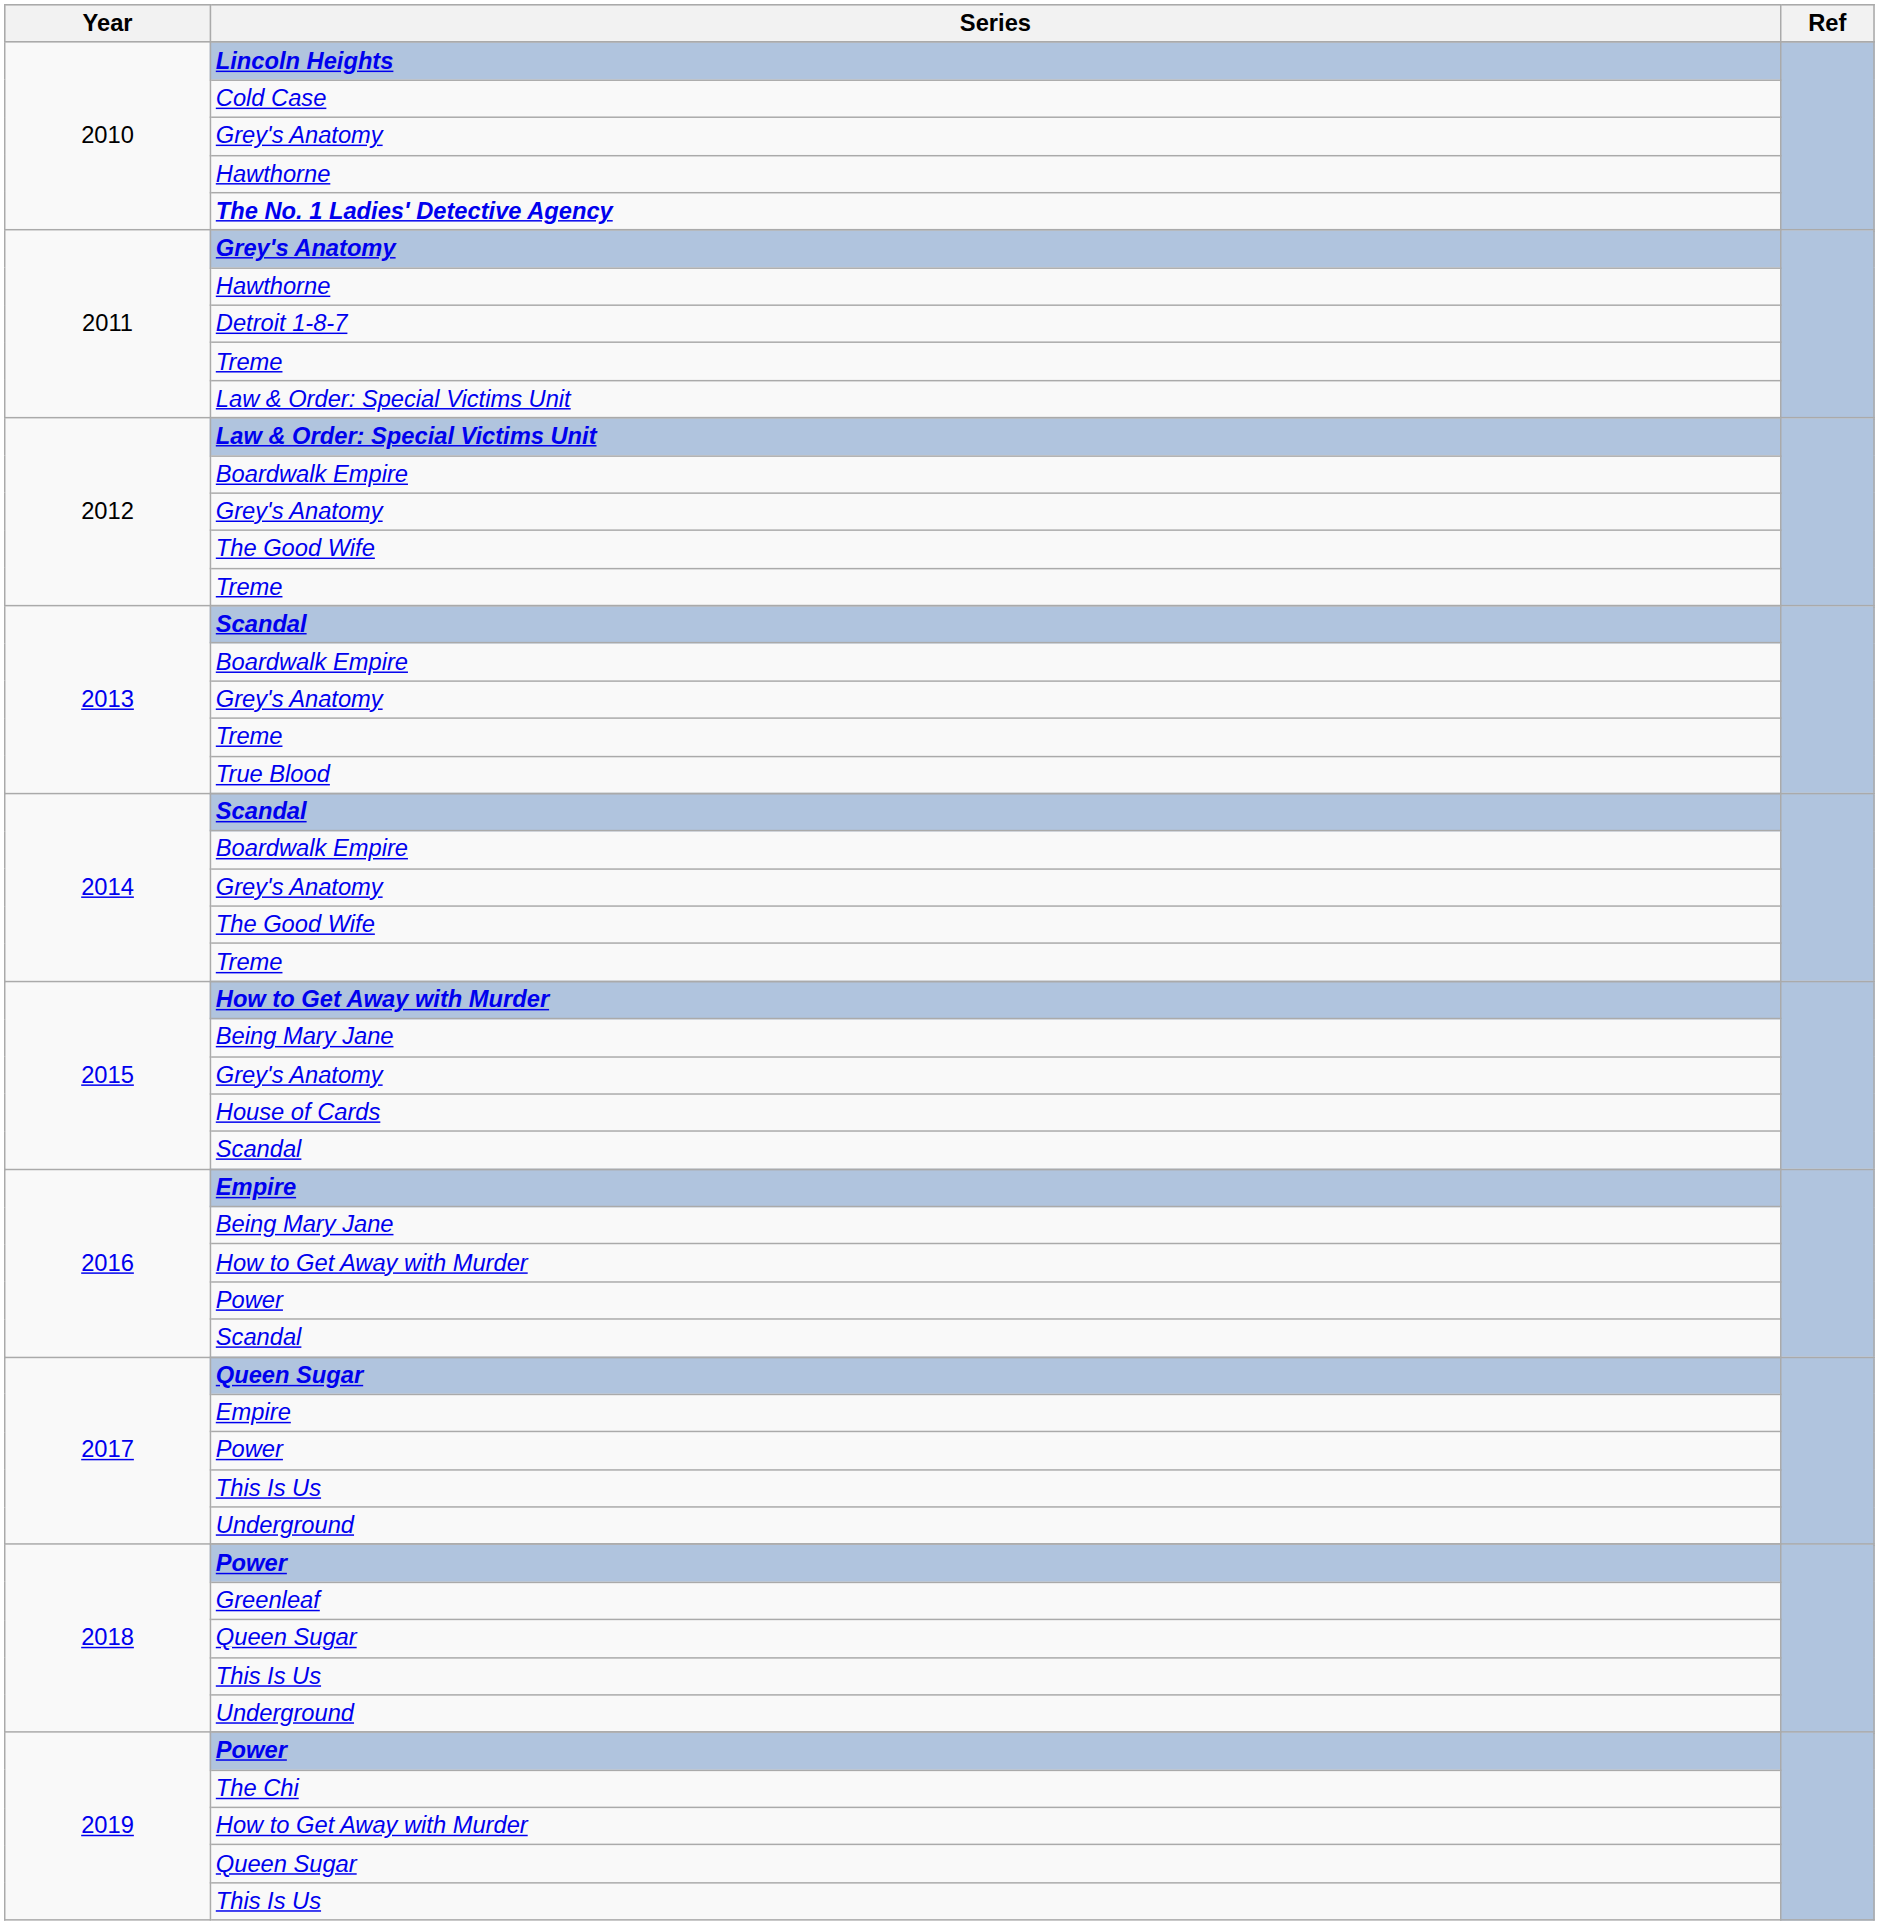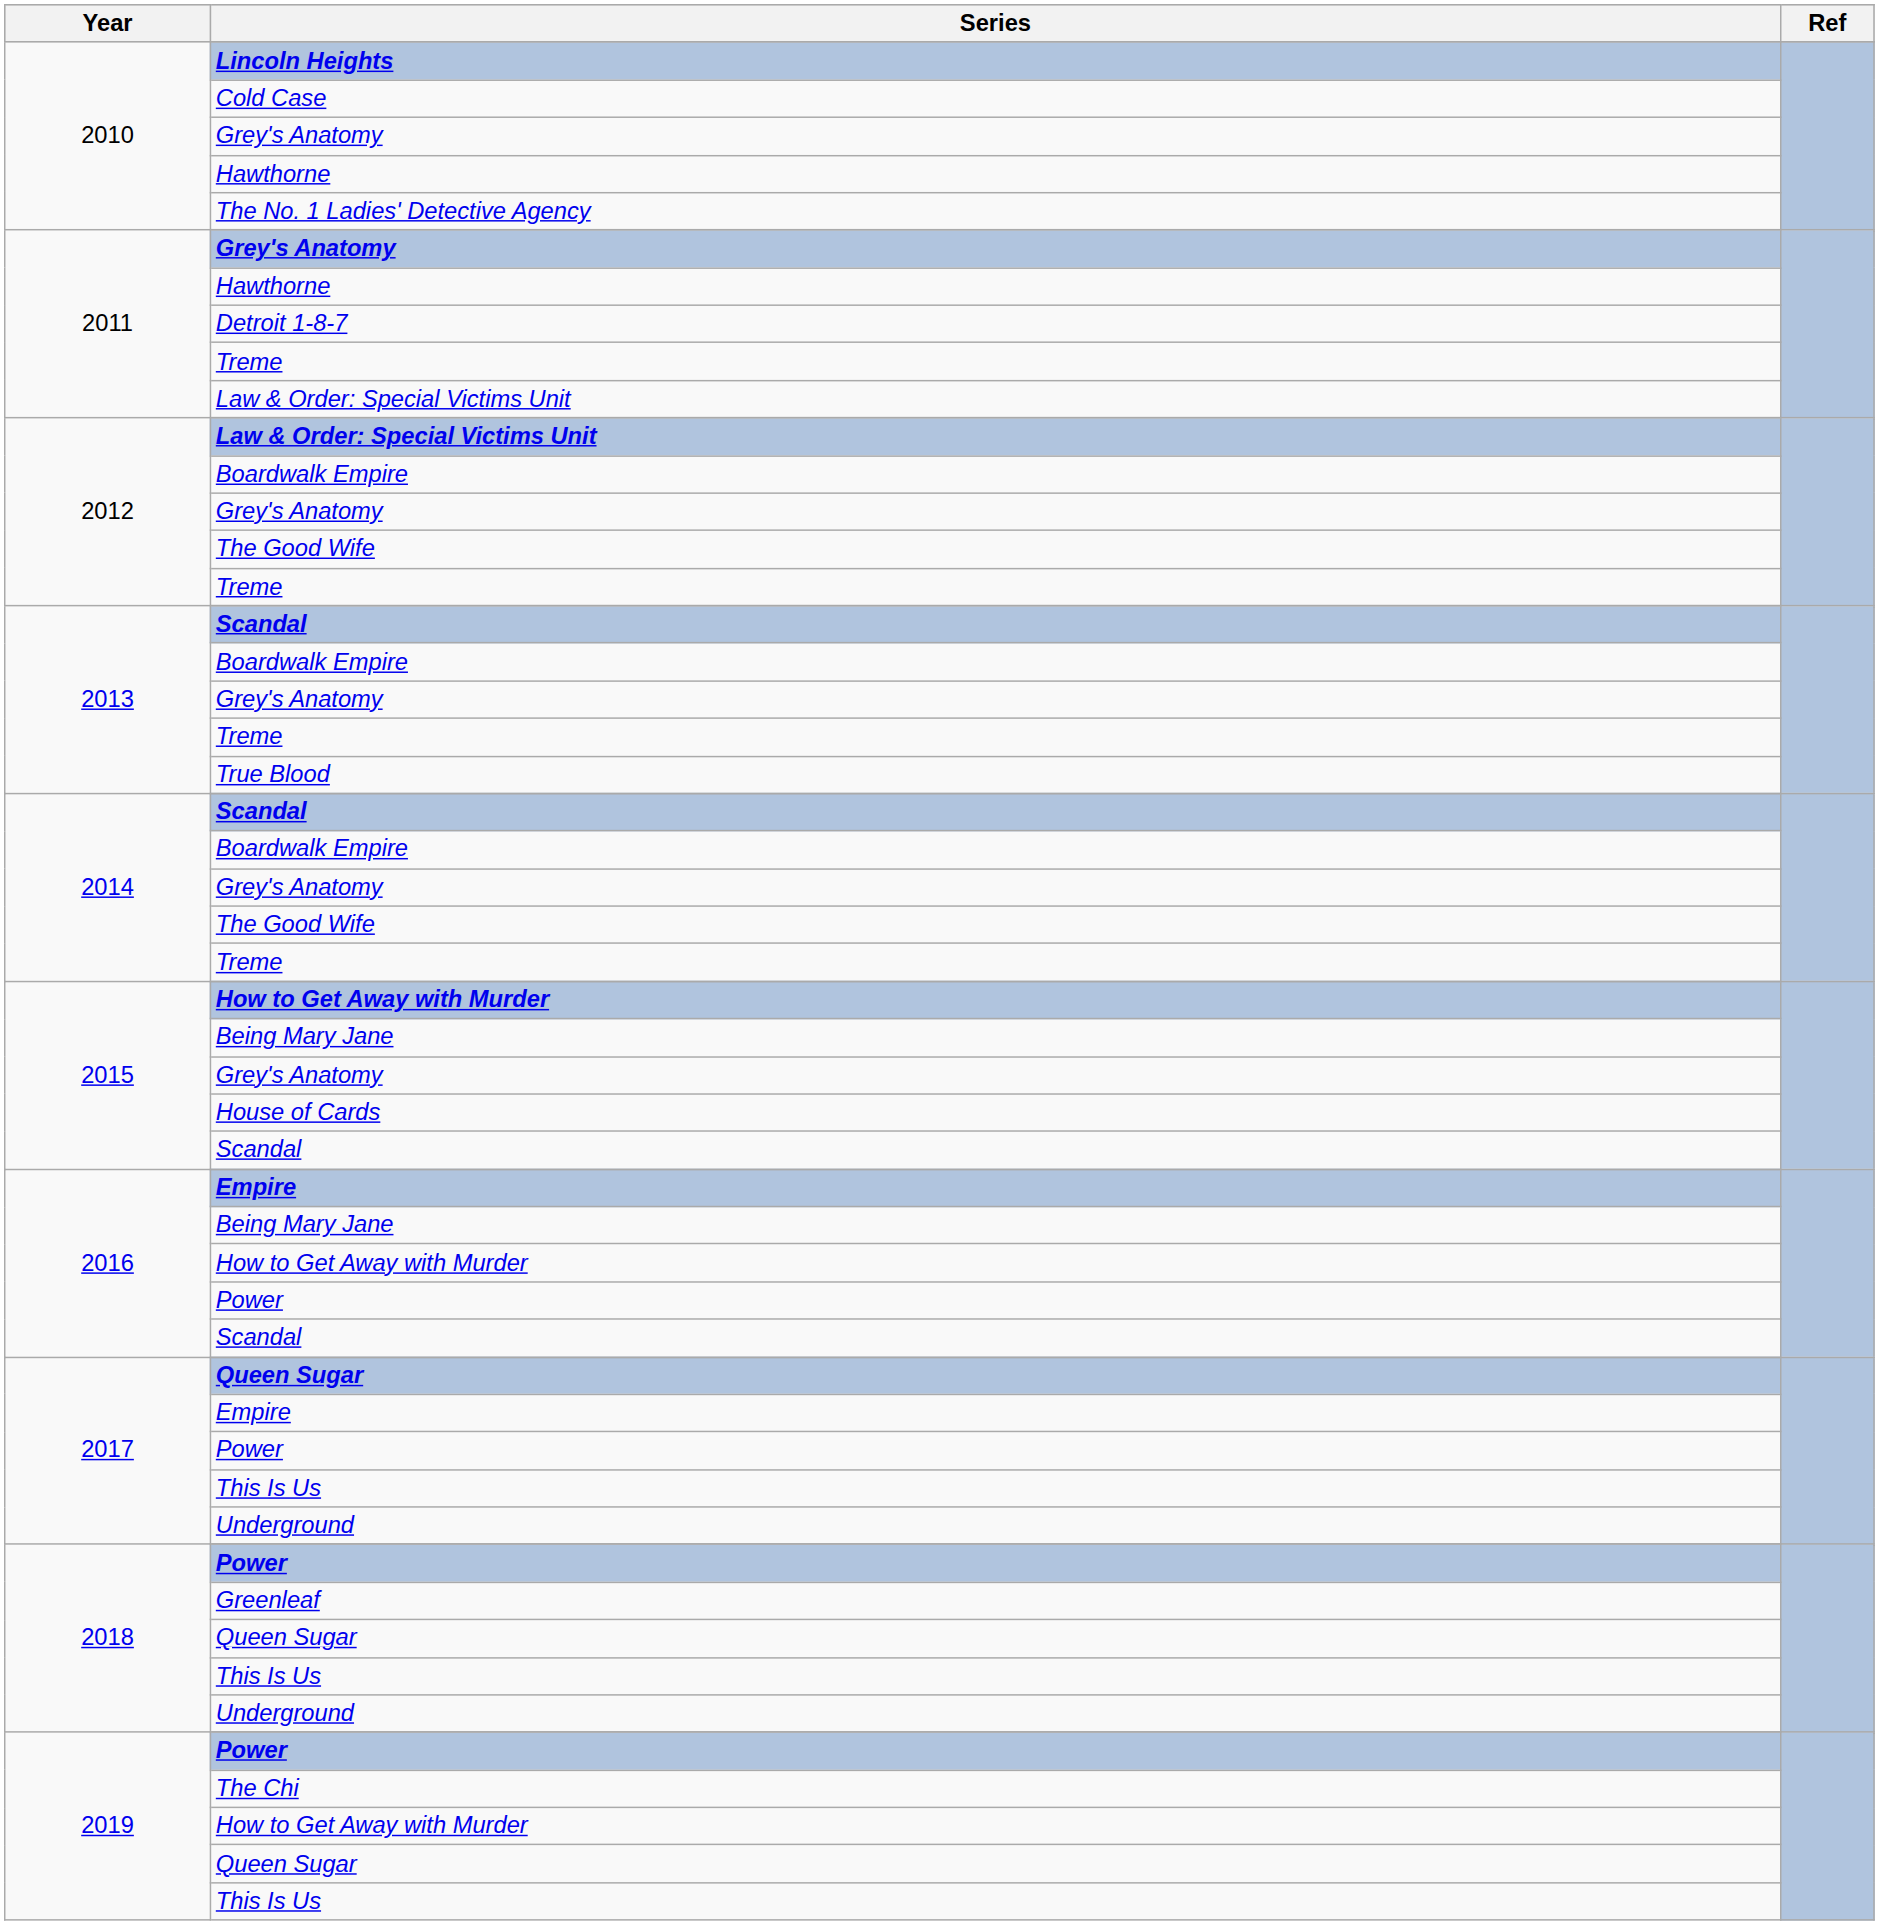 <table class="wikitable" style="width:100%;">
 <tr style="background:#bebebe;">
 <th style="width:11%;">Year</th>
 <th style="width:84%;">Series</th>
 <th style="width:5%;">Ref</th>
 </tr>
 <tr>
 <td rowspan="6" align="center">2010</td>
 </tr>
 <tr style="background:#B0C4DE">
 <td><strong><em><a href='#'>Lincoln Heights</a></em></strong></td>
 <td rowspan="6" align="center"></td>
 </tr>
 <tr>
 <td><em><a href='#'>Cold Case</a></em></td>
 </tr>
 <tr>
 <td><em><a href='#'>Grey's Anatomy</a></em></td>
 </tr>
 <tr>
 <td><em><a href='#'>Hawthorne</a></em></td>
 </tr>
 <tr>
-<td><strong><em><a href='#'>The No. 1 Ladies' Detective Agency</a></em></strong></td>
+<td><em><a href='#'>The No. 1 Ladies' Detective Agency</a></em></td>
 </tr>
 <tr>
 <td rowspan="6" align="center">2011</td>
 </tr>
 <tr style="background:#B0C4DE">
 <td><strong><em><a href='#'>Grey's Anatomy</a></em></strong></td>
 <td rowspan="6" align="center"></td>
 </tr>
 <tr>
 <td><em><a href='#'>Hawthorne</a></em></td>
 </tr>
 <tr>
 <td><em><a href='#'>Detroit 1-8-7</a></em></td>
 </tr>
 <tr>
 <td><em><a href='#'>Treme</a></em></td>
 </tr>
 <tr>
 <td><em><a href='#'>Law & Order: Special Victims Unit</a></em></td>
 </tr>
 <tr>
 <td rowspan="6" align="center">2012</td>
 </tr>
 <tr style="background:#B0C4DE">
 <td><strong><em><a href='#'>Law & Order: Special Victims Unit</a></em></strong></td>
 <td rowspan="6" align="center"></td>
 </tr>
 <tr>
 <td><em><a href='#'>Boardwalk Empire</a></em></td>
 </tr>
 <tr>
 <td><em><a href='#'>Grey's Anatomy</a></em></td>
 </tr>
 <tr>
 <td><em><a href='#'>The Good Wife</a></em></td>
 </tr>
 <tr>
 <td><em><a href='#'>Treme</a></em></td>
 </tr>
 <tr>
 <td rowspan="6" align="center"><a href='#'>2013</a></td>
 </tr>
 <tr style="background:#B0C4DE">
 <td><strong><em><a href='#'>Scandal</a></em></strong></td>
 <td rowspan="6" align="center"></td>
 </tr>
 <tr>
 <td><em><a href='#'>Boardwalk Empire</a></em></td>
 </tr>
 <tr>
 <td><em><a href='#'>Grey's Anatomy</a></em></td>
 </tr>
 <tr>
 <td><em><a href='#'>Treme</a></em></td>
 </tr>
 <tr>
 <td><em><a href='#'>True Blood</a></em></td>
 </tr>
 <tr>
 <td rowspan="6" align="center"><a href='#'>2014</a></td>
 </tr>
 <tr style="background:#B0C4DE">
 <td><strong><em><a href='#'>Scandal</a></em></strong></td>
 <td rowspan="6" align="center"></td>
 </tr>
 <tr>
 <td><em><a href='#'>Boardwalk Empire</a></em></td>
 </tr>
 <tr>
 <td><em><a href='#'>Grey's Anatomy</a></em></td>
 </tr>
 <tr>
 <td><em><a href='#'>The Good Wife</a></em></td>
 </tr>
 <tr>
 <td><em><a href='#'>Treme</a></em></td>
 </tr>
 <tr>
 <td rowspan="6" align="center"><a href='#'>2015</a></td>
 </tr>
 <tr style="background:#B0C4DE">
 <td><strong><em><a href='#'>How to Get Away with Murder</a></em></strong></td>
 <td rowspan="6" align="center"></td>
 </tr>
 <tr>
 <td><em><a href='#'>Being Mary Jane</a></em></td>
 </tr>
 <tr>
 <td><em><a href='#'>Grey's Anatomy</a></em></td>
 </tr>
 <tr>
 <td><em><a href='#'>House of Cards</a></em></td>
 </tr>
 <tr>
 <td><em><a href='#'>Scandal</a></em></td>
 </tr>
 <tr>
 <td rowspan="6" align="center"><a href='#'>2016</a></td>
 </tr>
 <tr style="background:#B0C4DE">
 <td><strong><em><a href='#'>Empire</a></em></strong></td>
 <td rowspan="6" align="center"></td>
 </tr>
 <tr>
 <td><em><a href='#'>Being Mary Jane</a></em></td>
 </tr>
 <tr>
 <td><em><a href='#'>How to Get Away with Murder</a></em></td>
 </tr>
 <tr>
 <td><em><a href='#'>Power</a></em></td>
 </tr>
 <tr>
 <td><em><a href='#'>Scandal</a></em></td>
 </tr>
 <tr>
 <td rowspan="6" align="center"><a href='#'>2017</a></td>
 </tr>
 <tr style="background:#B0C4DE">
 <td><strong><em><a href='#'>Queen Sugar</a></em></strong></td>
 <td rowspan="6" align="center"></td>
 </tr>
 <tr>
 <td><em><a href='#'>Empire</a></em></td>
 </tr>
 <tr>
 <td><em><a href='#'>Power</a></em></td>
 </tr>
 <tr>
 <td><em><a href='#'>This Is Us</a></em></td>
 </tr>
 <tr>
 <td><em><a href='#'>Underground</a></em></td>
 </tr>
 <tr>
 <td rowspan="6" align="center"><a href='#'>2018</a></td>
 </tr>
 <tr style="background:#B0C4DE">
 <td><strong><em><a href='#'>Power</a></em></strong></td>
 <td rowspan="6" align="center"></td>
 </tr>
 <tr>
 <td><em><a href='#'>Greenleaf</a></em></td>
 </tr>
 <tr>
 <td><em><a href='#'>Queen Sugar</a></em></td>
 </tr>
 <tr>
 <td><em><a href='#'>This Is Us</a></em></td>
 </tr>
 <tr>
 <td><em><a href='#'>Underground</a></em></td>
 </tr>
 <tr>
 <td rowspan="6" align="center"><a href='#'>2019</a></td>
 </tr>
 <tr style="background:#B0C4DE">
 <td><strong><em><a href='#'>Power</a></em></strong></td>
 <td rowspan="6" align="center"></td>
 </tr>
 <tr>
 <td><em><a href='#'>The Chi</a></em></td>
 </tr>
 <tr>
 <td><em><a href='#'>How to Get Away with Murder</a></em></td>
 </tr>
 <tr>
 <td><em><a href='#'>Queen Sugar</a></em></td>
 </tr>
 <tr>
 <td><em><a href='#'>This Is Us</a></em></td>
 </tr>
 </table>
